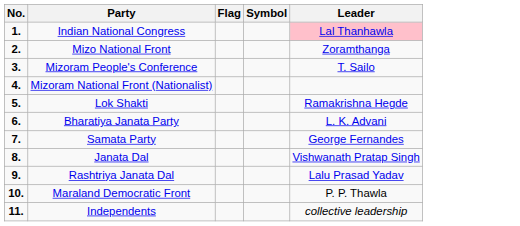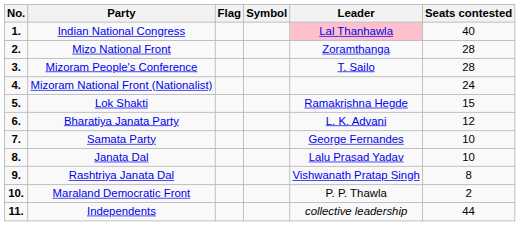 <table class="wikitable">
 <tr>
 <th>No.</th>
 <th>Party</th>
 <th>Flag</th>
 <th>Symbol</th>
 <th>Leader</th>
+<th>Seats contested</th>
 </tr>
 <tr>
 <td ! style="text-align:center; background:"><strong>1.</strong></td>
 <td style="text-align:center"><a href='#'>Indian National Congress</a></td>
 <td></td>
 <td></td>
 <td style="background: pink; text-align:center"><a href='#'>Lal Thanhawla</a></td>
+<td style="text-align:center">40</td>
 </tr>
 <tr>
 <td ! style="text-align:center; background:"><strong>2.</strong></td>
 <td style="text-align:center"><a href='#'>Mizo National Front</a></td>
 <td></td>
 <td></td>
 <td style="text-align:center"><a href='#'>Zoramthanga</a></td>
+<td style="text-align:center">28</td>
 </tr>
 <tr>
 <td ! style="text-align:center; background:"><strong>3.</strong></td>
 <td style="text-align:center"><a href='#'>Mizoram People's Conference</a></td>
 <td></td>
 <td></td>
 <td style="text-align:center"><a href='#'>T. Sailo</a></td>
+<td style="text-align:center">28</td>
 </tr>
 <tr>
 <td ! style="text-align:center; background:"><strong>4.</strong></td>
 <td style="text-align:center"><a href='#'>Mizoram National Front (Nationalist)</a></td>
 <td></td>
 <td></td>
 <td style="text-align:center"></td>
+<td style="text-align:center">24</td>
 </tr>
 <tr>
 <td ! style="text-align:center; background:"><strong>5.</strong></td>
 <td style="text-align:center"><a href='#'>Lok Shakti</a></td>
 <td></td>
 <td></td>
 <td style="text-align:center"><a href='#'>Ramakrishna Hegde</a></td>
+<td style="text-align:center">15</td>
 </tr>
 <tr>
 <td ! style="text-align:center; background:"><strong>6.</strong></td>
 <td style="text-align:center"><a href='#'>Bharatiya Janata Party</a></td>
 <td></td>
 <td></td>
 <td style="text-align:center"><a href='#'>L. K. Advani</a></td>
+<td style="text-align:center">12</td>
 </tr>
 <tr>
 <td ! style="text-align:center; background:"><strong>7.</strong></td>
 <td style="text-align:center"><a href='#'>Samata Party</a></td>
 <td></td>
 <td></td>
 <td style="text-align:center"><a href='#'>George Fernandes</a></td>
+<td style="text-align:center">10</td>
 </tr>
 <tr>
 <td ! style="text-align:center; background:"><strong>8.</strong></td>
 <td style="text-align:center"><a href='#'>Janata Dal</a></td>
 <td></td>
 <td></td>
-<td style="text-align:center"><a href='#'>Vishwanath Pratap Singh</a></td>
+<td style="text-align:center"><a href='#'>Lalu Prasad Yadav</a></td>
+<td style="text-align:center">10</td>
 </tr>
 <tr>
 <td ! style="text-align:center; background:"><strong>9.</strong></td>
 <td style="text-align:center"><a href='#'>Rashtriya Janata Dal</a></td>
 <td></td>
 <td></td>
-<td style="text-align:center"><a href='#'>Lalu Prasad Yadav</a></td>
+<td style="text-align:center"><a href='#'>Vishwanath Pratap Singh</a></td>
+<td style="text-align:center">8</td>
 </tr>
 <tr>
 <td ! style="text-align:center; background:"><strong>10.</strong></td>
 <td style="text-align:center"><a href='#'>Maraland Democratic Front</a></td>
 <td></td>
 <td></td>
 <td style="text-align:center">P. P. Thawla</td>
+<td style="text-align:center">2</td>
 </tr>
 <tr>
 <td ! style="text-align:center; background:"><strong>11.</strong></td>
 <td style="text-align:center"><a href='#'>Independents</a></td>
 <td></td>
 <td></td>
 <td style="text-align:center"><em>collective leadership</em></td>
+<td style="text-align:center">44</td>
 </tr>
 </table>
